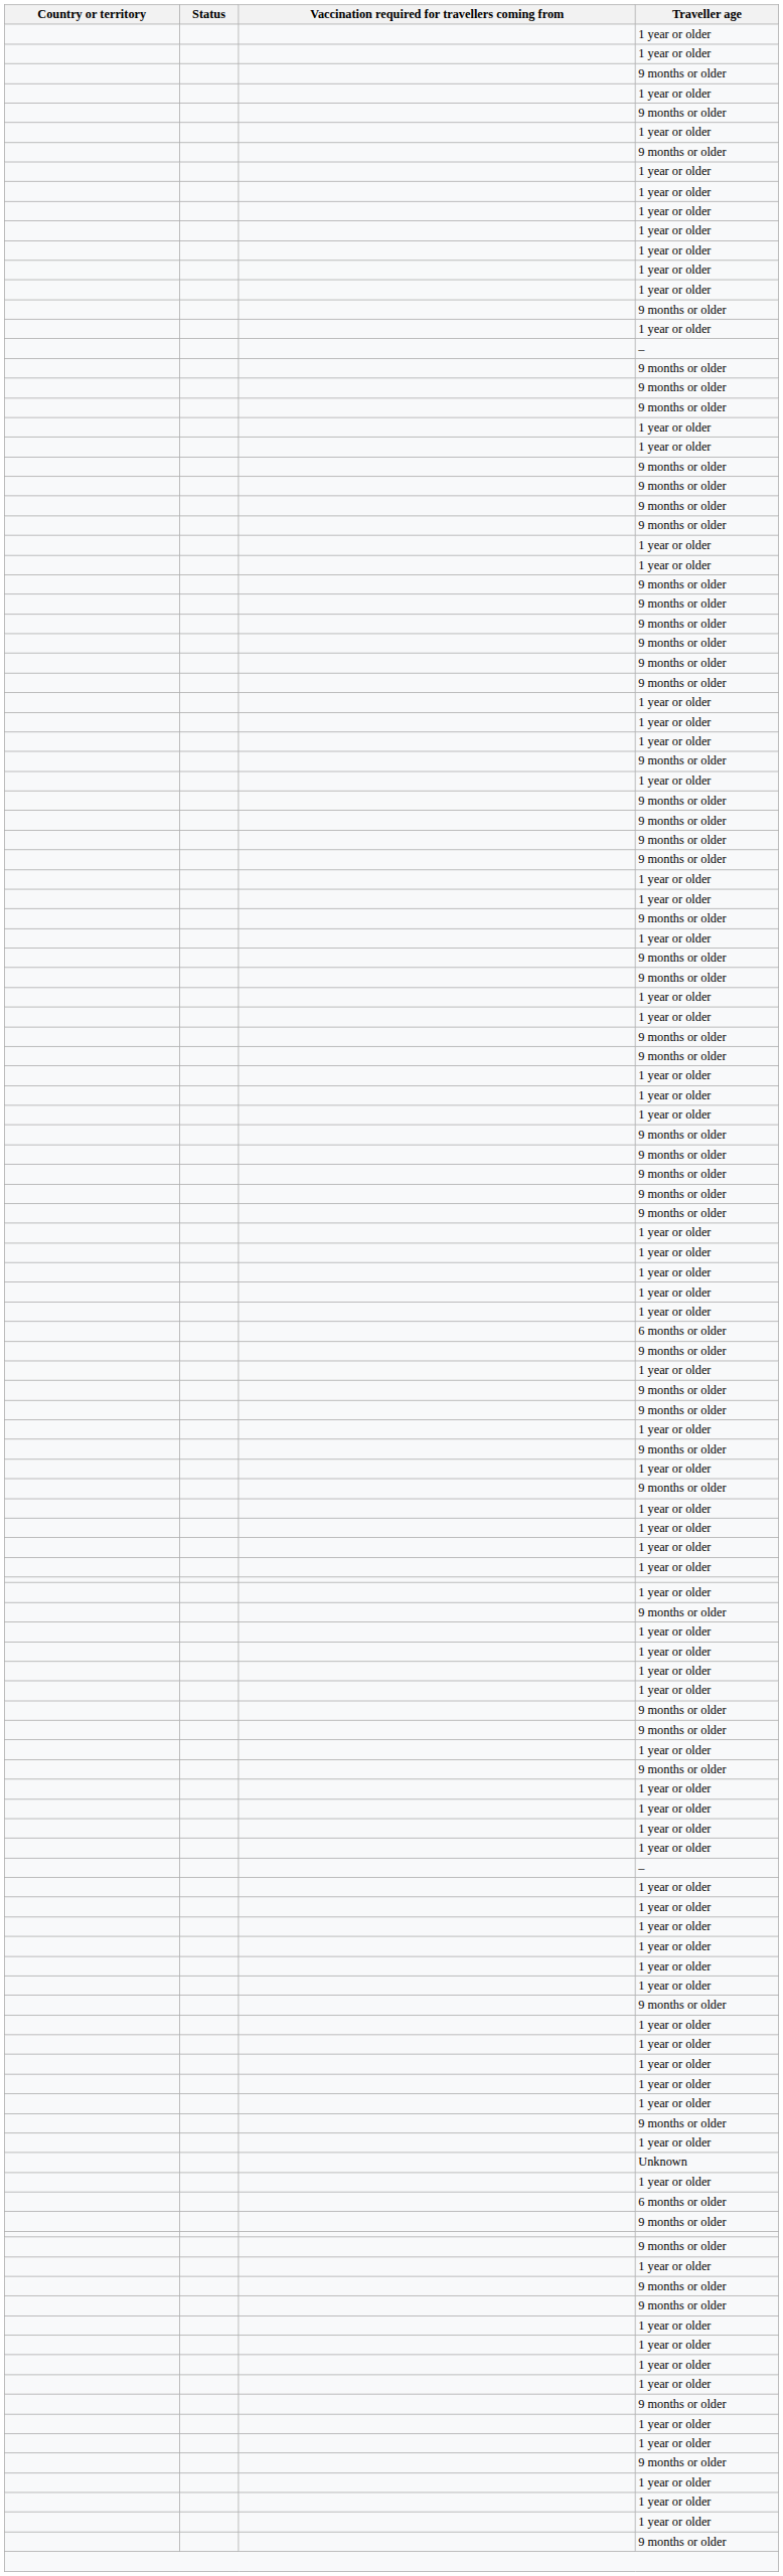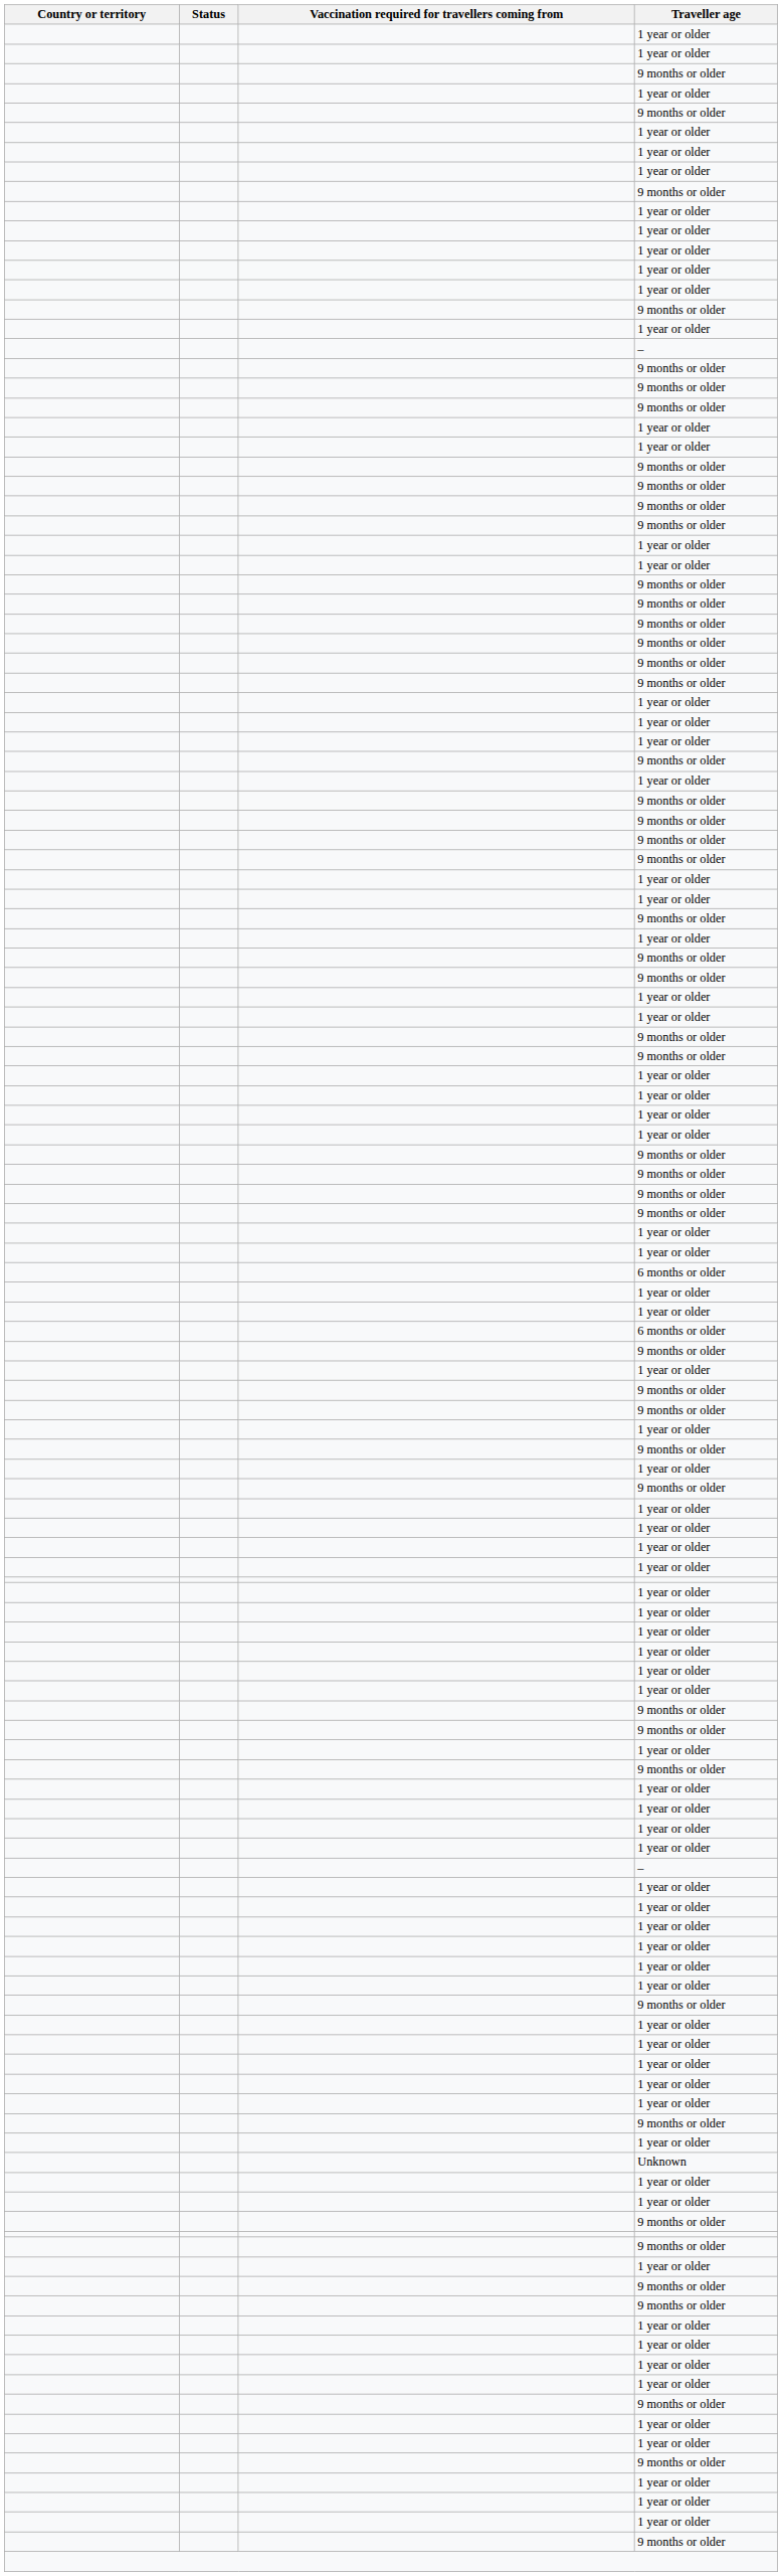 <table class="wikitable sortable sticky-header" style="text-align:left;background:#f8f9faff;" width=1000 align="left">
 <tr>
 <th>Country or territory</th>
 <th>Status</th>
 <th>Vaccination required for travellers coming from</th>
 <th>Traveller age</th>
 </tr>
 <tr>
 <td></td>
 <td></td>
 <td></td>
 <td>1 year or older</td>
 </tr>
 <tr>
 <td></td>
 <td></td>
 <td></td>
 <td>1 year or older</td>
 </tr>
 <tr>
 <td></td>
 <td></td>
 <td></td>
 <td>9 months or older</td>
 </tr>
 <tr>
 <td></td>
 <td></td>
 <td></td>
 <td>1 year or older</td>
 </tr>
 <tr>
 <td></td>
 <td></td>
 <td></td>
 <td>9 months or older</td>
 </tr>
 <tr>
 <td></td>
 <td></td>
 <td></td>
 <td>1 year or older</td>
 </tr>
 <tr>
 <td></td>
 <td></td>
 <td></td>
-<td>9 months or older</td>
+<td>1 year or older</td>
 </tr>
 <tr>
 <td></td>
 <td></td>
 <td></td>
 <td>1 year or older</td>
 </tr>
 <tr>
 <td></td>
 <td></td>
 <td></td>
-<td>1 year or older</td>
+<td>9 months or older</td>
 </tr>
 <tr>
 <td></td>
 <td></td>
 <td></td>
 <td>1 year or older</td>
 </tr>
 <tr>
 <td></td>
 <td></td>
 <td></td>
 <td>1 year or older</td>
 </tr>
 <tr>
 <td></td>
 <td></td>
 <td></td>
 <td>1 year or older</td>
 </tr>
 <tr>
 <td></td>
 <td></td>
 <td></td>
 <td>1 year or older</td>
 </tr>
 <tr>
 <td></td>
 <td></td>
 <td></td>
 <td>1 year or older</td>
 </tr>
 <tr>
 <td></td>
 <td></td>
 <td></td>
 <td>9 months or older</td>
 </tr>
 <tr>
 <td></td>
 <td></td>
 <td></td>
 <td>1 year or older</td>
 </tr>
 <tr>
 <td></td>
 <td></td>
 <td></td>
 <td>–</td>
 </tr>
 <tr>
 <td></td>
 <td></td>
 <td></td>
 <td>9 months or older</td>
 </tr>
 <tr>
 <td></td>
 <td></td>
 <td></td>
 <td>9 months or older</td>
 </tr>
 <tr>
 <td></td>
 <td></td>
 <td></td>
 <td>9 months or older</td>
 </tr>
 <tr>
 <td></td>
 <td></td>
 <td></td>
 <td>1 year or older</td>
 </tr>
 <tr>
 <td></td>
 <td></td>
 <td></td>
 <td>1 year or older</td>
 </tr>
 <tr>
 <td></td>
 <td></td>
 <td></td>
 <td>9 months or older</td>
 </tr>
 <tr>
 <td></td>
 <td></td>
 <td></td>
 <td>9 months or older</td>
 </tr>
 <tr>
 <td></td>
 <td></td>
 <td></td>
 <td>9 months or older</td>
 </tr>
 <tr>
 <td></td>
 <td></td>
 <td></td>
 <td>9 months or older</td>
 </tr>
 <tr>
 <td></td>
 <td></td>
 <td></td>
 <td>1 year or older</td>
 </tr>
 <tr>
 <td></td>
 <td></td>
 <td></td>
 <td>1 year or older</td>
 </tr>
 <tr>
 <td></td>
 <td></td>
 <td></td>
 <td>9 months or older</td>
 </tr>
 <tr>
 <td></td>
 <td></td>
 <td></td>
 <td>9 months or older</td>
 </tr>
 <tr>
 <td></td>
 <td></td>
 <td></td>
 <td>9 months or older</td>
 </tr>
 <tr>
 <td></td>
 <td></td>
 <td></td>
 <td>9 months or older</td>
 </tr>
 <tr>
 <td></td>
 <td></td>
 <td></td>
 <td>9 months or older</td>
 </tr>
 <tr>
 <td></td>
 <td></td>
 <td></td>
 <td>9 months or older</td>
 </tr>
 <tr>
 <td></td>
 <td></td>
 <td></td>
 <td>1 year or older</td>
 </tr>
 <tr>
 <td></td>
 <td></td>
 <td></td>
 <td>1 year or older</td>
 </tr>
 <tr>
 <td></td>
 <td></td>
 <td></td>
 <td>1 year or older</td>
 </tr>
 <tr>
 <td></td>
 <td></td>
 <td></td>
 <td>9 months or older</td>
 </tr>
 <tr>
 <td></td>
 <td></td>
 <td></td>
 <td>1 year or older</td>
 </tr>
 <tr>
 <td></td>
 <td></td>
 <td></td>
 <td>9 months or older</td>
 </tr>
 <tr>
 <td></td>
 <td></td>
 <td></td>
 <td>9 months or older</td>
 </tr>
 <tr>
 <td></td>
 <td></td>
 <td></td>
 <td>9 months or older</td>
 </tr>
 <tr>
 <td></td>
 <td></td>
 <td></td>
 <td>9 months or older</td>
 </tr>
 <tr>
 <td></td>
 <td></td>
 <td></td>
 <td>1 year or older</td>
 </tr>
 <tr>
 <td></td>
 <td></td>
 <td></td>
 <td>1 year or older</td>
 </tr>
 <tr>
 <td></td>
 <td></td>
 <td></td>
 <td>9 months or older</td>
 </tr>
 <tr>
 <td></td>
 <td></td>
 <td></td>
 <td>1 year or older</td>
 </tr>
 <tr>
 <td></td>
 <td></td>
 <td></td>
 <td>9 months or older</td>
 </tr>
 <tr>
 <td></td>
 <td></td>
 <td></td>
 <td>9 months or older</td>
 </tr>
 <tr>
 <td></td>
 <td></td>
 <td></td>
 <td>1 year or older</td>
 </tr>
 <tr>
 <td></td>
 <td></td>
 <td></td>
 <td>1 year or older</td>
 </tr>
 <tr>
 <td></td>
 <td></td>
 <td></td>
 <td>9 months or older</td>
 </tr>
 <tr>
 <td></td>
 <td></td>
 <td></td>
 <td>9 months or older</td>
 </tr>
 <tr>
 <td></td>
 <td></td>
 <td></td>
 <td>1 year or older</td>
 </tr>
 <tr>
 <td></td>
 <td></td>
 <td></td>
 <td>1 year or older</td>
 </tr>
 <tr>
 <td></td>
 <td></td>
 <td></td>
 <td>1 year or older</td>
 </tr>
 <tr>
 <td></td>
 <td></td>
 <td></td>
-<td>9 months or older</td>
+<td>1 year or older</td>
 </tr>
 <tr>
 <td></td>
 <td></td>
 <td></td>
 <td>9 months or older</td>
 </tr>
 <tr>
 <td></td>
 <td></td>
 <td></td>
 <td>9 months or older</td>
 </tr>
 <tr>
 <td></td>
 <td></td>
 <td></td>
 <td>9 months or older</td>
 </tr>
 <tr>
 <td></td>
 <td></td>
 <td></td>
 <td>9 months or older</td>
 </tr>
 <tr>
 <td></td>
 <td></td>
 <td></td>
 <td>1 year or older</td>
 </tr>
 <tr>
 <td></td>
 <td></td>
 <td></td>
 <td>1 year or older</td>
 </tr>
 <tr>
 <td></td>
 <td></td>
 <td></td>
-<td>1 year or older</td>
+<td>6 months or older</td>
 </tr>
 <tr>
 <td></td>
 <td></td>
 <td></td>
 <td>1 year or older</td>
 </tr>
 <tr>
 <td></td>
 <td></td>
 <td></td>
 <td>1 year or older</td>
 </tr>
 <tr>
 <td></td>
 <td></td>
 <td></td>
 <td>6 months or older</td>
 </tr>
 <tr>
 <td></td>
 <td></td>
 <td></td>
 <td>9 months or older</td>
 </tr>
 <tr>
 <td></td>
 <td></td>
 <td></td>
 <td>1 year or older</td>
 </tr>
 <tr>
 <td></td>
 <td></td>
 <td></td>
 <td>9 months or older</td>
 </tr>
 <tr>
 <td></td>
 <td></td>
 <td></td>
 <td>9 months or older</td>
 </tr>
 <tr>
 <td></td>
 <td></td>
 <td></td>
 <td>1 year or older</td>
 </tr>
 <tr>
 <td></td>
 <td></td>
 <td></td>
 <td>9 months or older</td>
 </tr>
 <tr>
 <td></td>
 <td></td>
 <td></td>
 <td>1 year or older</td>
 </tr>
 <tr>
 <td></td>
 <td></td>
 <td></td>
 <td>9 months or older</td>
 </tr>
 <tr>
 <td></td>
 <td></td>
 <td></td>
 <td>1 year or older</td>
 </tr>
 <tr>
 <td></td>
 <td></td>
 <td></td>
 <td>1 year or older</td>
 </tr>
 <tr>
 <td></td>
 <td></td>
 <td></td>
 <td>1 year or older</td>
 </tr>
 <tr>
 <td></td>
 <td></td>
 <td></td>
 <td>1 year or older</td>
 </tr>
 <tr>
 <td></td>
 <td></td>
 <td></td>
 </tr>
 <tr>
 <td></td>
 <td></td>
 <td></td>
 <td>1 year or older</td>
 </tr>
 <tr>
 <td></td>
 <td></td>
 <td></td>
-<td>9 months or older</td>
+<td>1 year or older</td>
 </tr>
 <tr>
 <td></td>
 <td></td>
 <td></td>
 <td>1 year or older</td>
 </tr>
 <tr>
 <td></td>
 <td></td>
 <td></td>
 <td>1 year or older</td>
 </tr>
 <tr>
 <td></td>
 <td></td>
 <td></td>
 <td>1 year or older</td>
 </tr>
 <tr>
 <td></td>
 <td></td>
 <td></td>
 <td>1 year or older</td>
 </tr>
 <tr>
 <td></td>
 <td></td>
 <td></td>
 <td>9 months or older</td>
 </tr>
 <tr>
 <td></td>
 <td></td>
 <td></td>
 <td>9 months or older</td>
 </tr>
 <tr>
 <td></td>
 <td></td>
 <td></td>
 <td>1 year or older</td>
 </tr>
 <tr>
 <td></td>
 <td></td>
 <td></td>
 <td>9 months or older</td>
 </tr>
 <tr>
 <td></td>
 <td></td>
 <td></td>
 <td>1 year or older</td>
 </tr>
 <tr>
 <td></td>
 <td></td>
 <td></td>
 <td>1 year or older</td>
 </tr>
 <tr>
 <td></td>
 <td></td>
 <td></td>
 <td>1 year or older</td>
 </tr>
 <tr>
 <td></td>
 <td></td>
 <td></td>
 <td>1 year or older</td>
 </tr>
 <tr>
 <td></td>
 <td></td>
 <td></td>
 <td>–</td>
 </tr>
 <tr>
 <td></td>
 <td></td>
 <td></td>
 <td>1 year or older</td>
 </tr>
 <tr>
 <td></td>
 <td></td>
 <td></td>
 <td>1 year or older</td>
 </tr>
 <tr>
 <td></td>
 <td></td>
 <td></td>
 <td>1 year or older</td>
 </tr>
 <tr>
 <td></td>
 <td></td>
 <td></td>
 <td>1 year or older</td>
 </tr>
 <tr>
 <td></td>
 <td></td>
 <td></td>
 <td>1 year or older</td>
 </tr>
 <tr>
 <td></td>
 <td></td>
 <td></td>
 <td>1 year or older</td>
 </tr>
 <tr>
 <td></td>
 <td></td>
 <td></td>
 <td>9 months or older</td>
 </tr>
 <tr>
 <td></td>
 <td></td>
 <td></td>
 <td>1 year or older</td>
 </tr>
 <tr>
 <td></td>
 <td></td>
 <td></td>
 <td>1 year or older</td>
 </tr>
 <tr>
 <td></td>
 <td></td>
 <td></td>
 <td>1 year or older</td>
 </tr>
 <tr>
 <td></td>
 <td></td>
 <td></td>
 <td>1 year or older</td>
 </tr>
 <tr>
 <td></td>
 <td></td>
 <td></td>
 <td>1 year or older</td>
 </tr>
 <tr>
 <td></td>
 <td></td>
 <td></td>
 <td>9 months or older</td>
 </tr>
 <tr>
 <td></td>
 <td></td>
 <td></td>
 <td>1 year or older</td>
 </tr>
 <tr>
 <td></td>
 <td></td>
 <td></td>
 <td>Unknown</td>
 </tr>
 <tr>
 <td></td>
 <td></td>
 <td></td>
 <td>1 year or older</td>
 </tr>
 <tr>
 <td></td>
 <td></td>
 <td></td>
-<td>6 months or older</td>
+<td>1 year or older</td>
 </tr>
 <tr>
 <td></td>
 <td></td>
 <td></td>
 <td>9 months or older</td>
 </tr>
 <tr>
 <td></td>
 <td></td>
 <td></td>
 </tr>
 <tr>
 <td></td>
 <td></td>
 <td></td>
 <td>9 months or older</td>
 </tr>
 <tr>
 <td></td>
 <td></td>
 <td></td>
 <td>1 year or older</td>
 </tr>
 <tr>
 <td></td>
 <td></td>
 <td></td>
 <td>9 months or older</td>
 </tr>
 <tr>
 <td></td>
 <td></td>
 <td></td>
 <td>9 months or older</td>
 </tr>
 <tr>
 <td></td>
 <td></td>
 <td></td>
 <td>1 year or older</td>
 </tr>
 <tr>
 <td></td>
 <td></td>
 <td></td>
 <td>1 year or older</td>
 </tr>
 <tr>
 <td></td>
 <td></td>
 <td></td>
 <td>1 year or older</td>
 </tr>
 <tr>
 <td></td>
 <td></td>
 <td></td>
 <td>1 year or older</td>
 </tr>
 <tr>
 <td></td>
 <td></td>
 <td></td>
 <td>9 months or older</td>
 </tr>
 <tr>
 <td></td>
 <td></td>
 <td></td>
 <td>1 year or older</td>
 </tr>
 <tr>
 <td></td>
 <td></td>
 <td></td>
 <td>1 year or older</td>
 </tr>
 <tr>
 <td></td>
 <td></td>
 <td></td>
 <td>9 months or older</td>
 </tr>
 <tr>
 <td></td>
 <td></td>
 <td></td>
 <td>1 year or older</td>
 </tr>
 <tr>
 <td></td>
 <td></td>
 <td></td>
 <td>1 year or older</td>
 </tr>
 <tr>
 <td></td>
 <td></td>
 <td></td>
 <td>1 year or older</td>
 </tr>
 <tr>
 <td></td>
 <td></td>
 <td></td>
 <td>9 months or older</td>
 </tr>
 <tr>
 <td colspan="4"><br></td>
 </tr>
 </table>
